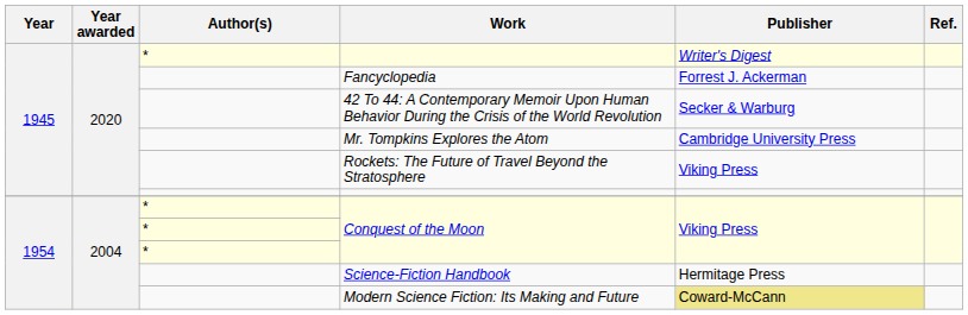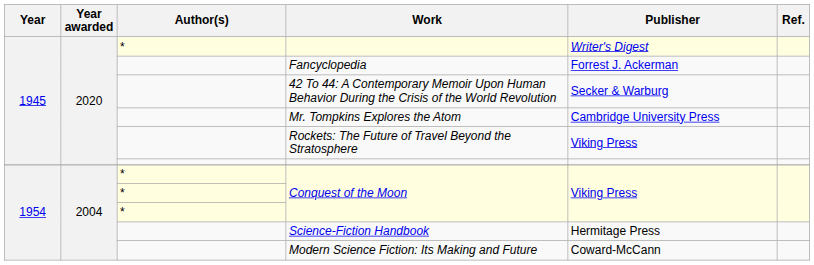 <table class="sortable wikitable" width="85%" cellpadding="5" style="margin: 1em auto 1em auto">
 <tr>
 <th width="7%" scope="col">Year</th>
 <th width="7%" scope="col">Year awarded</th>
 <th width="21%" scope="col">Author(s)</th>
 <th width="35%" scope="col">Work</th>
 <th width="26%" scope="col">Publisher</th>
 <th width="4%" scope="col" class="unsortable">Ref.</th>
 </tr>
 <tr style="background-color: lightyellow;">
 <th scope="rowgroup" align="center" rowspan="6" style="font-weight:normal;"><a href='#'>1945</a></th>
 <th align="center" rowspan="6" style="font-weight:normal;">2020</th>
 <td>*</td>
 <td></td>
 <td><em><a href='#'>Writer's Digest</a></em></td>
 <td align="center"></td>
 </tr>
 <tr>
 <td></td>
 <td><em>Fancyclopedia</em></td>
 <td><a href='#'>Forrest J. Ackerman</a></td>
 <td align="center"></td>
 </tr>
 <tr>
 <td></td>
 <td><em>42 To 44: A Contemporary Memoir Upon Human Behavior During the Crisis of the World Revolution</em></td>
 <td><a href='#'>Secker & Warburg</a></td>
 <td align="center"></td>
 </tr>
 <tr>
 <td></td>
 <td><em>Mr. Tompkins Explores the Atom</em></td>
 <td><a href='#'>Cambridge University Press</a></td>
 <td align="center"></td>
 </tr>
 <tr>
 <td></td>
 <td><em>Rockets: The Future of Travel Beyond the Stratosphere</em></td>
 <td><a href='#'>Viking Press</a></td>
 <td align="center"></td>
 </tr>
 <tr>
 <td></td>
 <td></td>
 <td></td>
 <td align="center"></td>
 </tr>
 <tr>
 </tr>
 <tr style="background-color: lightyellow;">
 <th scope="rowgroup" align="center" rowspan="5" style="font-weight:normal;"><a href='#'>1954</a></th>
 <th align="center" rowspan="5" style="font-weight:normal;">2004</th>
 <td>*</td>
 <td rowspan="3"><em><a href='#'>Conquest of the Moon</a></em></td>
 <td rowspan="3"><a href='#'>Viking Press</a></td>
 <td rowspan="3" align="center"></td>
 </tr>
 <tr style="background-color: lightyellow;">
 <td>*</td>
 </tr>
 <tr style="background-color: lightyellow;">
 <td>*</td>
 </tr>
 <tr>
 <td></td>
 <td><em><a href='#'>Science-Fiction Handbook</a></em></td>
 <td>Hermitage Press</td>
 <td align="center"></td>
 </tr>
 <tr>
 <td></td>
 <td><em>Modern Science Fiction: Its Making and Future</em></td>
-<td style="background: khaki;">Coward-McCann</td>
+<td>Coward-McCann</td>
 <td align="center"></td>
 </tr>
 </table>
